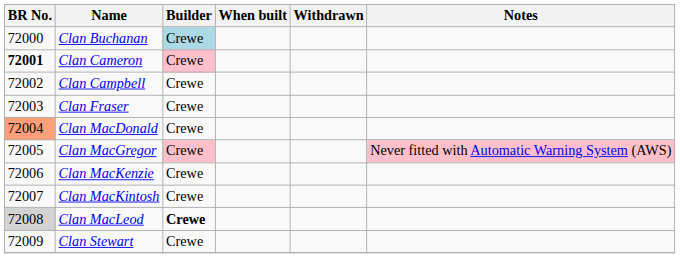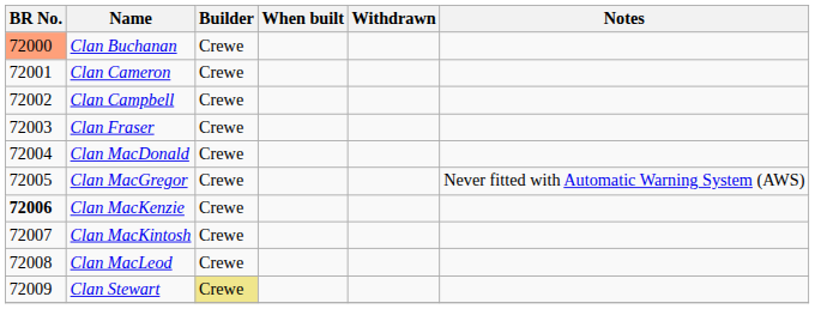 <table class="sortable wikitable">
 <tr>
 <th>BR No.</th>
 <th>Name</th>
 <th>Builder</th>
 <th>When built</th>
 <th>Withdrawn</th>
 <th>Notes</th>
 </tr>
 <tr>
-<td>72000</td>
+<td style="background: lightsalmon;">72000</td>
 <td><em><a href='#'>Clan Buchanan</a></em></td>
-<td style="background: lightblue;">Crewe</td>
+<td>Crewe</td>
 <td></td>
 <td></td>
 <td></td>
 </tr>
 <tr>
-<td><strong>72001</strong></td>
+<td>72001</td>
 <td><em><a href='#'>Clan Cameron</a></em></td>
-<td style="background: pink;">Crewe</td>
+<td>Crewe</td>
 <td></td>
 <td></td>
 <td></td>
 </tr>
 <tr>
 <td>72002</td>
 <td><em><a href='#'>Clan Campbell</a></em></td>
 <td>Crewe</td>
 <td></td>
 <td></td>
 <td></td>
 </tr>
 <tr>
 <td>72003</td>
 <td><em><a href='#'>Clan Fraser</a></em></td>
 <td>Crewe</td>
 <td></td>
 <td></td>
 <td></td>
 </tr>
 <tr>
-<td style="background: lightsalmon;">72004</td>
+<td>72004</td>
 <td><em><a href='#'>Clan MacDonald</a></em></td>
 <td>Crewe</td>
 <td></td>
 <td></td>
 <td></td>
 </tr>
 <tr>
 <td>72005</td>
 <td><em><a href='#'>Clan MacGregor</a></em></td>
-<td style="background: pink;">Crewe</td>
+<td>Crewe</td>
 <td></td>
 <td></td>
-<td style="background: pink;">Never fitted with <a href='#'>Automatic Warning System</a> (AWS)</td>
+<td>Never fitted with <a href='#'>Automatic Warning System</a> (AWS)</td>
 </tr>
 <tr>
-<td>72006</td>
+<td><strong>72006</strong></td>
 <td><em><a href='#'>Clan MacKenzie</a></em></td>
 <td>Crewe</td>
 <td></td>
 <td></td>
 <td></td>
 </tr>
 <tr>
 <td>72007</td>
 <td><em><a href='#'>Clan MacKintosh</a></em></td>
 <td>Crewe</td>
 <td></td>
 <td></td>
 <td></td>
 </tr>
 <tr>
-<td style="background: lightgrey;">72008</td>
+<td>72008</td>
 <td><em><a href='#'>Clan MacLeod</a></em></td>
-<td><strong>Crewe</strong></td>
+<td>Crewe</td>
 <td></td>
 <td></td>
 <td></td>
 </tr>
 <tr>
 <td>72009</td>
 <td><em><a href='#'>Clan Stewart</a></em></td>
-<td>Crewe</td>
+<td style="background: khaki;">Crewe</td>
 <td></td>
 <td></td>
 <td></td>
 </tr>
 <tr>
 </tr>
 </table>
